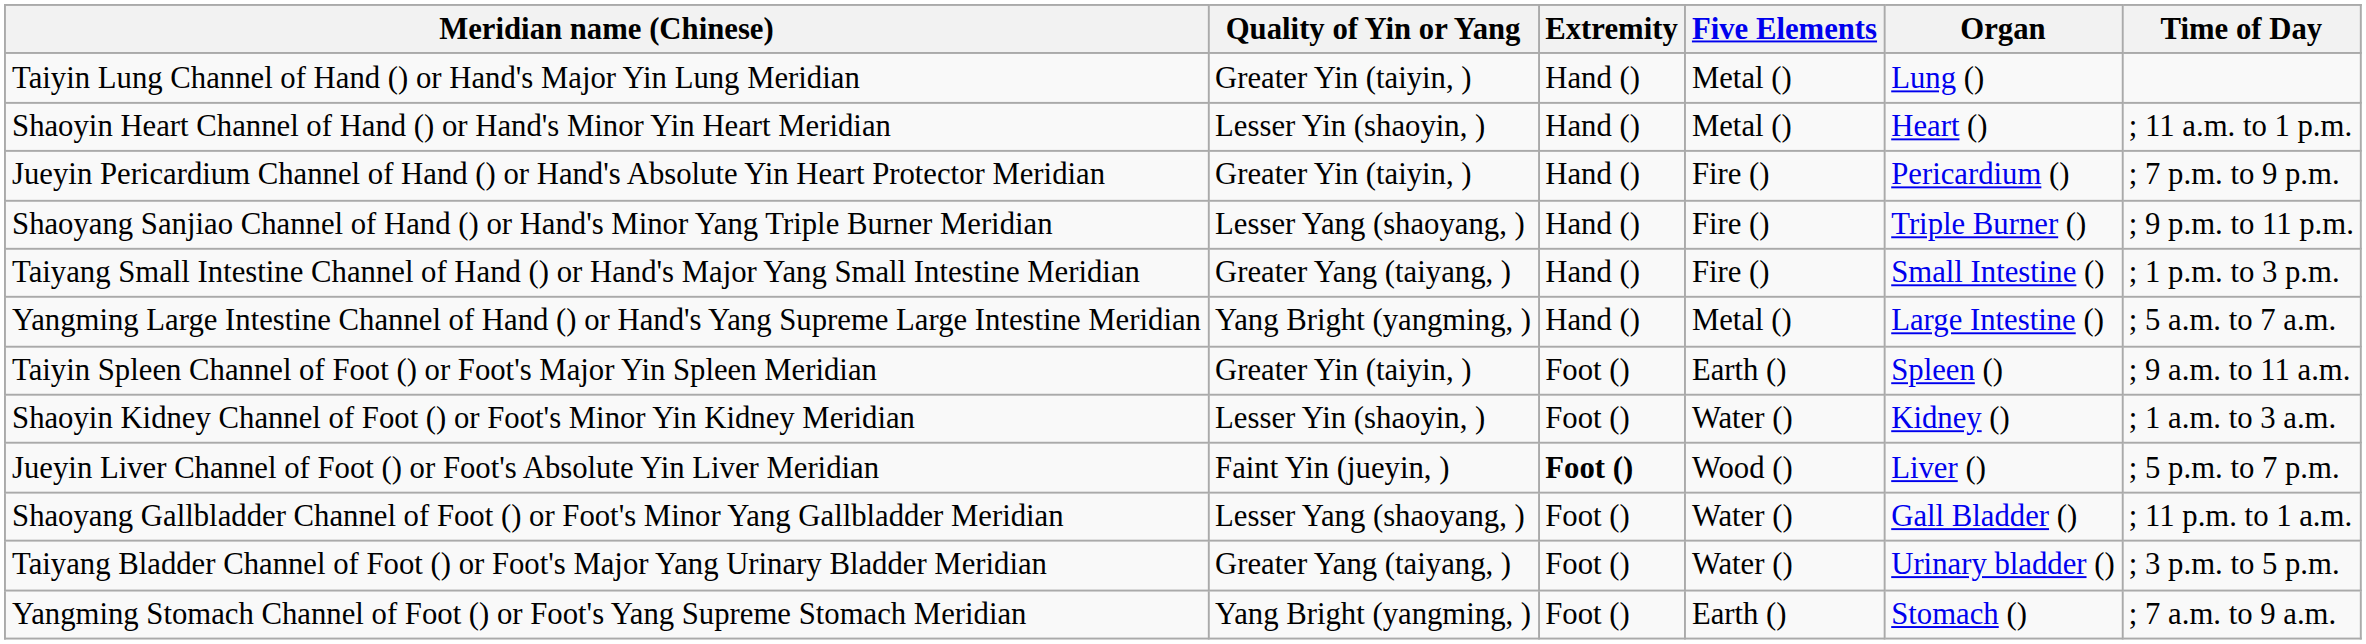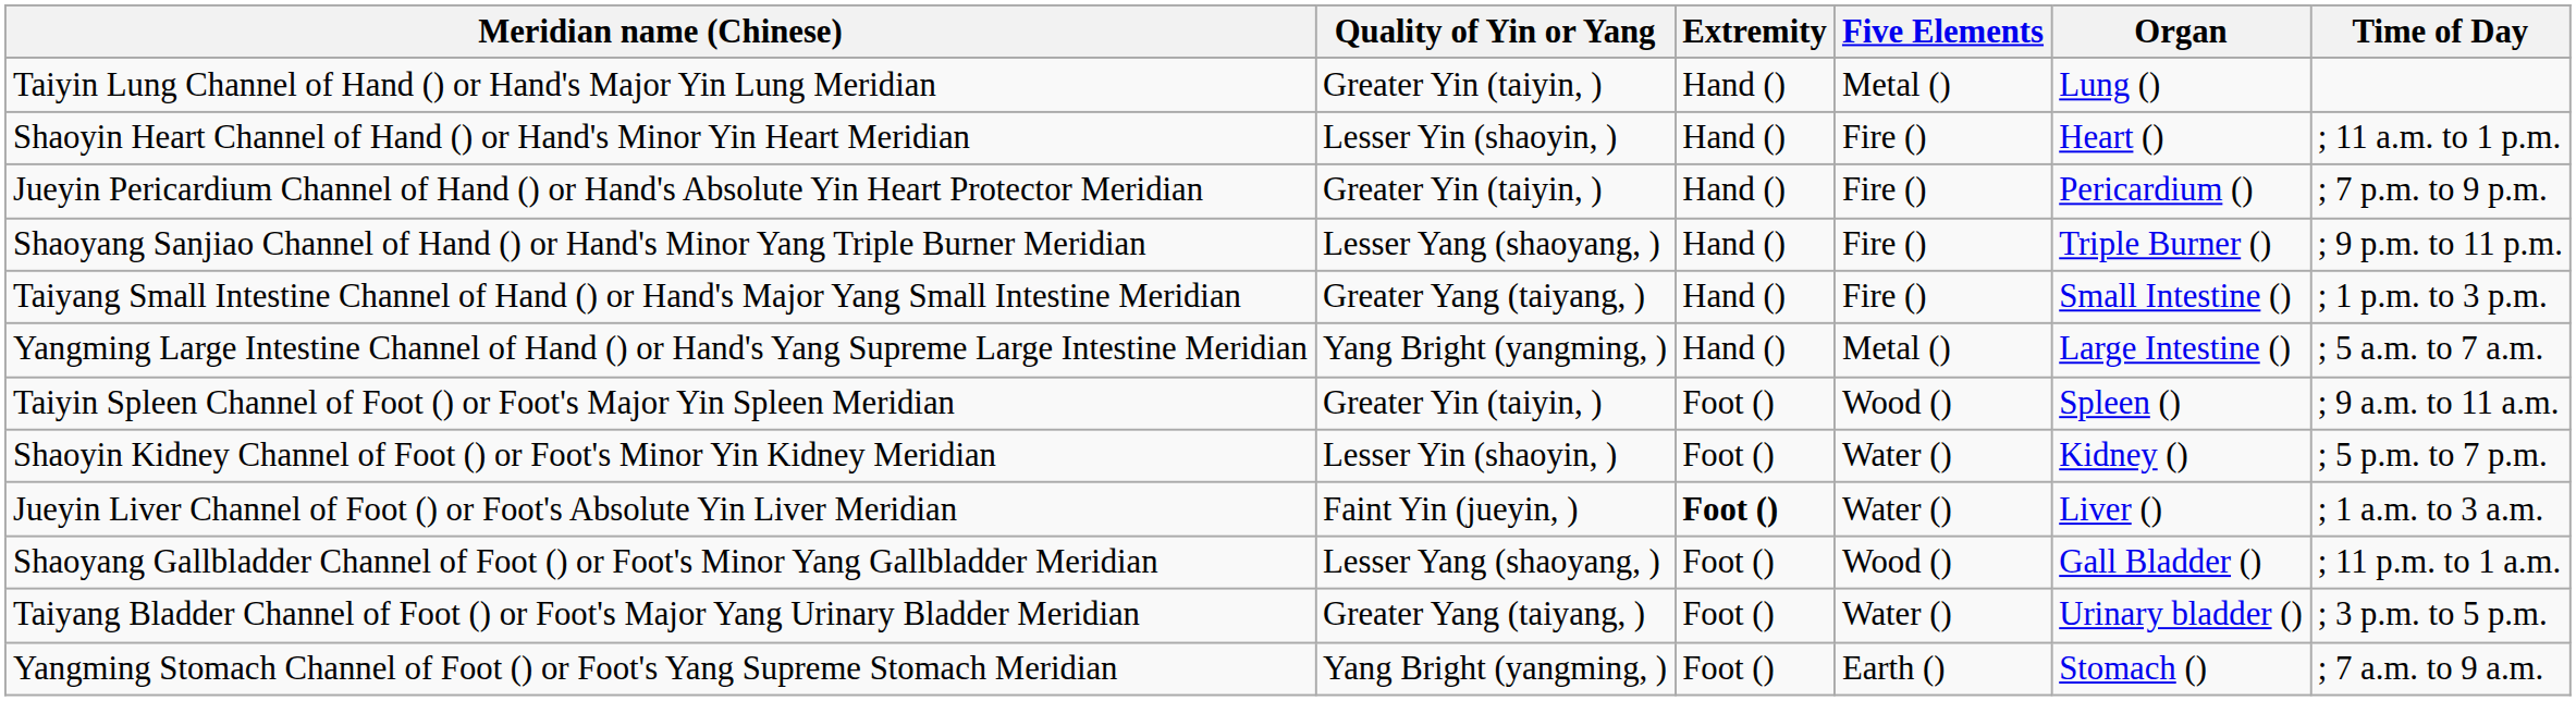 <table class="wikitable">
 <tr>
 <th>Meridian name (Chinese)</th>
 <th>Quality of Yin or Yang</th>
 <th>Extremity</th>
 <th><a href='#'>Five Elements</a></th>
 <th>Organ</th>
 <th>Time of Day</th>
 </tr>
 <tr>
 <td>Taiyin Lung Channel of Hand () or Hand's Major Yin Lung Meridian</td>
 <td>Greater Yin (taiyin, )</td>
 <td>Hand ()</td>
 <td>Metal ()</td>
 <td><a href='#'>Lung</a> ()</td>
 <td></td>
 </tr>
 <tr>
 <td>Shaoyin Heart Channel of Hand () or Hand's Minor Yin Heart Meridian</td>
 <td>Lesser Yin (shaoyin, )</td>
 <td>Hand ()</td>
-<td>Metal ()</td>
+<td>Fire ()</td>
 <td><a href='#'>Heart</a> ()</td>
 <td>;  11 a.m. to 1 p.m.</td>
 </tr>
 <tr>
 <td>Jueyin Pericardium Channel of Hand () or Hand's Absolute Yin Heart Protector Meridian</td>
 <td>Greater Yin (taiyin, )</td>
 <td>Hand ()</td>
 <td>Fire ()</td>
 <td><a href='#'>Pericardium</a> ()</td>
 <td>;  7 p.m. to 9 p.m.</td>
 </tr>
 <tr>
 <td>Shaoyang Sanjiao Channel of Hand () or Hand's Minor Yang Triple Burner Meridian</td>
 <td>Lesser Yang (shaoyang, )</td>
 <td>Hand ()</td>
 <td>Fire ()</td>
 <td><a href='#'>Triple Burner</a> ()</td>
 <td>;  9 p.m. to 11 p.m.</td>
 </tr>
 <tr>
 <td>Taiyang Small Intestine Channel of Hand () or Hand's Major Yang Small Intestine Meridian</td>
 <td>Greater Yang (taiyang, )</td>
 <td>Hand ()</td>
 <td>Fire ()</td>
 <td><a href='#'>Small Intestine</a> ()</td>
 <td>;  1 p.m. to 3 p.m.</td>
 </tr>
 <tr>
 <td>Yangming Large Intestine Channel of Hand () or Hand's Yang Supreme Large Intestine Meridian</td>
 <td>Yang Bright (yangming, )</td>
 <td>Hand ()</td>
 <td>Metal ()</td>
 <td><a href='#'>Large Intestine</a> ()</td>
 <td>;  5 a.m. to 7 a.m.</td>
 </tr>
 <tr>
 <td>Taiyin Spleen Channel of Foot () or Foot's Major Yin Spleen Meridian</td>
 <td>Greater Yin (taiyin, )</td>
 <td>Foot ()</td>
-<td>Earth ()</td>
+<td>Wood ()</td>
 <td><a href='#'>Spleen</a> ()</td>
 <td>;   9 a.m. to 11 a.m.</td>
 </tr>
 <tr>
 <td>Shaoyin Kidney Channel of Foot () or Foot's Minor Yin Kidney Meridian</td>
 <td>Lesser Yin (shaoyin, )</td>
 <td>Foot ()</td>
 <td>Water ()</td>
 <td><a href='#'>Kidney</a> ()</td>
-<td>;  1 a.m. to 3 a.m.</td>
+<td>;  5 p.m. to 7 p.m.</td>
 </tr>
 <tr>
 <td>Jueyin Liver Channel of Foot () or Foot's Absolute Yin Liver Meridian</td>
 <td>Faint Yin (jueyin, )</td>
 <td><strong>Foot ()</strong></td>
-<td>Wood ()</td>
+<td>Water ()</td>
 <td><a href='#'>Liver</a> ()</td>
-<td>;  5 p.m. to 7 p.m.</td>
+<td>;  1 a.m. to 3 a.m.</td>
 </tr>
 <tr>
 <td>Shaoyang Gallbladder Channel of Foot () or Foot's Minor Yang Gallbladder Meridian</td>
 <td>Lesser Yang (shaoyang, )</td>
 <td>Foot ()</td>
-<td>Water ()</td>
+<td>Wood ()</td>
 <td><a href='#'>Gall Bladder</a> ()</td>
 <td>;  11 p.m. to 1 a.m.</td>
 </tr>
 <tr>
 <td>Taiyang Bladder Channel of Foot () or Foot's Major Yang Urinary Bladder Meridian</td>
 <td>Greater Yang (taiyang, )</td>
 <td>Foot ()</td>
 <td>Water ()</td>
 <td><a href='#'>Urinary bladder</a> ()</td>
 <td>;  3 p.m. to 5 p.m.</td>
 </tr>
 <tr>
 <td>Yangming Stomach Channel of Foot () or Foot's Yang Supreme Stomach Meridian</td>
 <td>Yang Bright (yangming, )</td>
 <td>Foot ()</td>
 <td>Earth ()</td>
 <td><a href='#'>Stomach</a> ()</td>
 <td>;  7 a.m. to 9 a.m.</td>
 </tr>
 </table>
